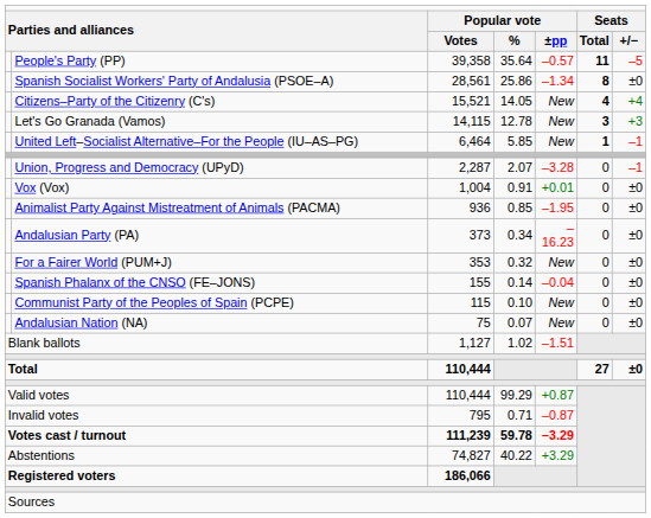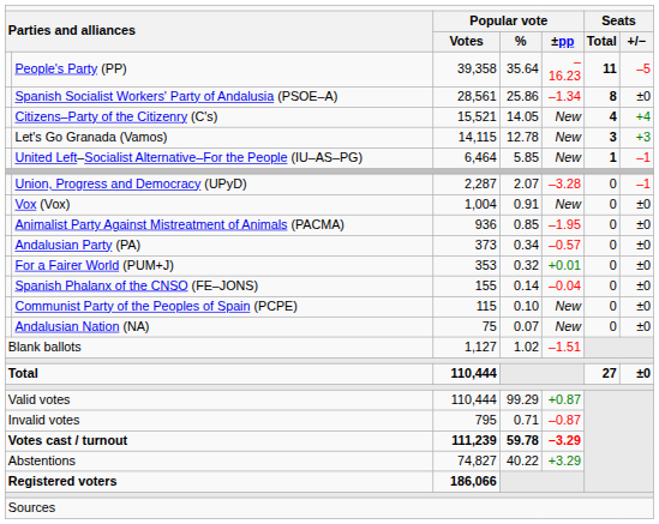 <table class="wikitable" style="text-align:right;">
 <tr>
 <td colspan="7"></td>
 </tr>
 <tr>
 <th style="text-align:left;" rowspan="2" colspan="2" width="525">Parties and alliances</th>
 <th colspan="3">Popular vote</th>
 <th colspan="2">Seats</th>
 </tr>
 <tr>
 <th width="75">Votes</th>
 <th width="45">%</th>
 <th width="45">±<a href='#'>pp</a></th>
 <th width="35">Total</th>
 <th width="35">+/−</th>
 </tr>
 <tr>
 <td width="1" style="color:inherit;background:"></td>
 <td align="left"><a href='#'>People's Party</a> (PP)</td>
 <td>39,358</td>
 <td>35.64</td>
-<td style="color:red;">–0.57</td>
+<td style="color:red;">–16.23</td>
 <td><strong>11</strong></td>
 <td style="color:red;">–5</td>
 </tr>
 <tr>
 <td style="color:inherit;background:"></td>
 <td align="left"><a href='#'>Spanish Socialist Workers' Party of Andalusia</a> (PSOE–A)</td>
 <td>28,561</td>
 <td>25.86</td>
 <td style="color:red;">–1.34</td>
 <td><strong>8</strong></td>
 <td>±0</td>
 </tr>
 <tr>
 <td style="color:inherit;background:"></td>
 <td align="left"><a href='#'>Citizens–Party of the Citizenry</a> (C's)</td>
 <td>15,521</td>
 <td>14.05</td>
 <td><em>New</em></td>
 <td><strong>4</strong></td>
 <td style="color:green;">+4</td>
 </tr>
 <tr>
 <td style="color:inherit;background:"></td>
 <td align="left">Let's Go Granada (Vamos)</td>
 <td>14,115</td>
 <td>12.78</td>
 <td><em>New</em></td>
 <td><strong>3</strong></td>
 <td style="color:green;">+3</td>
 </tr>
 <tr>
 <td style="color:inherit;background:"></td>
 <td align="left"><a href='#'>United Left</a>–<a href='#'>Socialist Alternative–For the People</a> (IU–AS–PG)</td>
 <td>6,464</td>
 <td>5.85</td>
 <td><em>New</em></td>
 <td><strong>1</strong></td>
 <td style="color:red;">–1</td>
 </tr>
 <tr>
 <td colspan="7" bgcolor="#C0C0C0"></td>
 </tr>
 <tr>
 <td style="color:inherit;background:"></td>
 <td align="left"><a href='#'>Union, Progress and Democracy</a> (UPyD)</td>
 <td>2,287</td>
 <td>2.07</td>
 <td style="color:red;">–3.28</td>
 <td>0</td>
 <td style="color:red;">–1</td>
 </tr>
 <tr>
 <td style="color:inherit;background:"></td>
 <td align="left"><a href='#'>Vox</a> (Vox)</td>
 <td>1,004</td>
 <td>0.91</td>
-<td style="color:green;">+0.01</td>
+<td><em>New</em></td>
 <td>0</td>
 <td>±0</td>
 </tr>
 <tr>
 <td style="color:inherit;background:"></td>
 <td align="left"><a href='#'>Animalist Party Against Mistreatment of Animals</a> (PACMA)</td>
 <td>936</td>
 <td>0.85</td>
 <td style="color:red;">–1.95</td>
 <td>0</td>
 <td>±0</td>
 </tr>
 <tr>
 <td style="color:inherit;background:"></td>
 <td align="left"><a href='#'>Andalusian Party</a> (PA)</td>
 <td>373</td>
 <td>0.34</td>
-<td style="color:red;">–16.23</td>
+<td style="color:red;">–0.57</td>
 <td>0</td>
 <td>±0</td>
 </tr>
 <tr>
 <td style="color:inherit;background:"></td>
 <td align="left"><a href='#'>For a Fairer World</a> (PUM+J)</td>
 <td>353</td>
 <td>0.32</td>
-<td><em>New</em></td>
+<td style="color:green;">+0.01</td>
 <td>0</td>
 <td>±0</td>
 </tr>
 <tr>
 <td style="color:inherit;background:"></td>
 <td align="left"><a href='#'>Spanish Phalanx of the CNSO</a> (FE–JONS)</td>
 <td>155</td>
 <td>0.14</td>
 <td style="color:red;">–0.04</td>
 <td>0</td>
 <td>±0</td>
 </tr>
 <tr>
 <td style="color:inherit;background:"></td>
 <td align="left"><a href='#'>Communist Party of the Peoples of Spain</a> (PCPE)</td>
 <td>115</td>
 <td>0.10</td>
 <td><em>New</em></td>
 <td>0</td>
 <td>±0</td>
 </tr>
 <tr>
 <td style="color:inherit;background:"></td>
 <td align="left"><a href='#'>Andalusian Nation</a> (NA)</td>
 <td>75</td>
 <td>0.07</td>
 <td><em>New</em></td>
 <td>0</td>
 <td>±0</td>
 </tr>
 <tr>
 <td align="left" colspan="2">Blank ballots</td>
 <td>1,127</td>
 <td>1.02</td>
 <td style="color:red;">–1.51</td>
 <td bgcolor="#E9E9E9" colspan="2"></td>
 </tr>
 <tr>
 <td colspan="7" bgcolor="#E9E9E9"></td>
 </tr>
 <tr style="font-weight:bold;">
 <td align="left" colspan="2">Total</td>
 <td>110,444</td>
 <td bgcolor="#E9E9E9" colspan="2"></td>
 <td>27</td>
 <td>±0</td>
 </tr>
 <tr>
 <td colspan="7" bgcolor="#E9E9E9"></td>
 </tr>
 <tr>
 <td align="left" colspan="2">Valid votes</td>
 <td>110,444</td>
 <td>99.29</td>
 <td style="color:green;">+0.87</td>
 <td bgcolor="#E9E9E9" colspan="2" rowspan="5"></td>
 </tr>
 <tr>
 <td align="left" colspan="2">Invalid votes</td>
 <td>795</td>
 <td>0.71</td>
 <td style="color:red;">–0.87</td>
 </tr>
 <tr style="font-weight:bold;">
 <td align="left" colspan="2">Votes cast / turnout</td>
 <td>111,239</td>
 <td>59.78</td>
 <td style="color:red;">–3.29</td>
 </tr>
 <tr>
 <td align="left" colspan="2">Abstentions</td>
 <td>74,827</td>
 <td>40.22</td>
 <td style="color:green;">+3.29</td>
 </tr>
 <tr style="font-weight:bold;">
 <td align="left" colspan="2">Registered voters</td>
 <td>186,066</td>
 <td bgcolor="#E9E9E9" colspan="2"></td>
 </tr>
 <tr>
 <td colspan="7" bgcolor="#E9E9E9"></td>
 </tr>
 <tr>
 <td align="left" colspan="7">Sources</td>
 </tr>
 </table>
